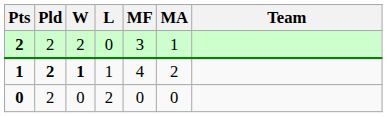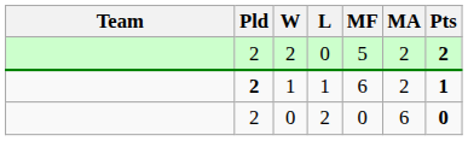 <table class=wikitable style="text-align:center">
 <tr>
-<th width=20>Pts</th>
+<th width=175>Team</th>
 <th width=20>Pld</th>
 <th width=20>W</th>
 <th width=20>L</th>
 <th width=20>MF</th>
 <th width=20>MA</th>
-<th width=175>Team</th>
+<th width=20>Pts</th>
 </tr>
 <tr bgcolor=ccffcc style="border-bottom:2px solid green;">
-<td><strong>2</strong></td>
+<td style="text-align:left"></td>
 <td>2</td>
 <td>2</td>
 <td>0</td>
-<td>3</td>
-<td>1</td>
-<td style="text-align:left"></td>
+<td>5</td>
+<td>2</td>
+<td><strong>2</strong></td>
 </tr>
 <tr>
+<td style="text-align:left"></td>
+<td><strong>2</strong></td>
+<td>1</td>
+<td>1</td>
+<td>6</td>
+<td>2</td>
 <td><strong>1</strong></td>
-<td><strong>2</strong></td>
-<td><strong>1</strong></td>
-<td>1</td>
-<td>4</td>
-<td>2</td>
-<td style="text-align:left"></td>
 </tr>
 <tr>
-<td><strong>0</strong></td>
+<td style="text-align:left"></td>
 <td>2</td>
 <td>0</td>
 <td>2</td>
 <td>0</td>
-<td>0</td>
-<td style="text-align:left"></td>
+<td>6</td>
+<td><strong>0</strong></td>
 </tr>
 </table>
